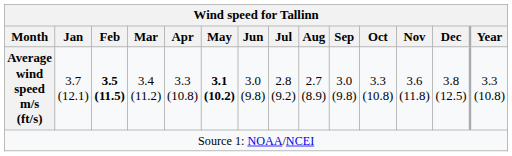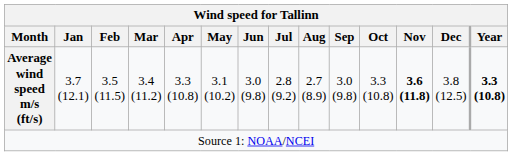 <table style="width:100%;text-align:center;line-height:1.2em;margin-left:auto;margin-right:auto" class="wikitable mw-collapsible">
 <tr>
 <th Colspan=14>Wind speed for Tallinn</th>
 </tr>
 <tr>
 <th>Month</th>
 <th>Jan</th>
 <th>Feb</th>
 <th>Mar</th>
 <th>Apr</th>
 <th>May</th>
 <th>Jun</th>
 <th>Jul</th>
 <th>Aug</th>
 <th>Sep</th>
 <th>Oct</th>
 <th>Nov</th>
 <th>Dec</th>
 <th style="border-left-width:medium">Year</th>
 </tr>
 <tr>
 <th>Average wind speed m/s (ft/s)</th>
 <td style="background:#f8f9fa; color:#000;">3.7<br>(12.1)</td>
-<td style="background:#f8f9fa; color:#000"><strong>3.5<br>(11.5)</strong></td>
+<td style="background:#f8f9fa; color:#000">3.5<br>(11.5)</td>
 <td style="background:#f8f9fa; color:#000">3.4<br>(11.2)</td>
 <td style="background:#f8f9fa; color:#000">3.3<br>(10.8)</td>
-<td style="background:#f8f9fa; color:#000"><strong>3.1<br>(10.2)</strong></td>
+<td style="background:#f8f9fa; color:#000">3.1<br>(10.2)</td>
 <td style="background:#f8f9fa; color:#000">3.0<br>(9.8)</td>
 <td style="background:#f8f9fa; color:#000">2.8<br>(9.2)</td>
 <td style="background:#f8f9fa; color:#000">2.7<br>(8.9)</td>
 <td style="background:#f8f9fa; color:#000">3.0<br>(9.8)</td>
 <td style="background:#f8f9fa; color:#000">3.3<br>(10.8)</td>
-<td style="background:#f8f9fa; color:#000">3.6<br>(11.8)</td>
+<td style="background:#f8f9fa; color:#000"><strong>3.6<br>(11.8)</strong></td>
 <td style="background:#f8f9fa; color:#000">3.8<br>(12.5)</td>
-<td style="background:#f8f9fa; color:#000; border-left-width:medium;">3.3<br>(10.8)</td>
+<td style="background:#f8f9fa; color:#000; border-left-width:medium;"><strong>3.3<br>(10.8)</strong></td>
 </tr>
 <tr>
 <th Colspan=14 style="background:#f8f9fa;font-weight:normal;font-size:95%;">Source 1: <a href='#'>NOAA</a>/<a href='#'>NCEI</a></th>
 </tr>
 </table>
